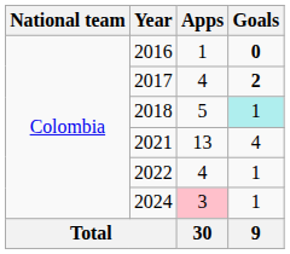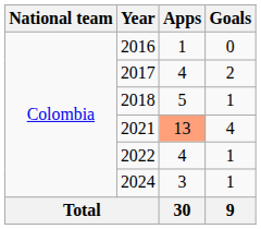 <table class="wikitable" style="text-align:center">
 <tr>
 <th>National team</th>
 <th>Year</th>
 <th>Apps</th>
 <th>Goals</th>
 </tr>
 <tr>
 <td rowspan="6"><a href='#'>Colombia</a></td>
 <td>2016</td>
 <td>1</td>
-<td><strong>0</strong></td>
+<td>0</td>
 </tr>
 <tr>
 <td>2017</td>
 <td>4</td>
-<td><strong>2</strong></td>
+<td>2</td>
 </tr>
 <tr>
 <td>2018</td>
 <td>5</td>
-<td style="background: paleturquoise;">1</td>
+<td>1</td>
 </tr>
 <tr>
 <td>2021</td>
-<td>13</td>
+<td style="background: lightsalmon;">13</td>
 <td>4</td>
 </tr>
 <tr>
 <td>2022</td>
 <td>4</td>
 <td>1</td>
 </tr>
 <tr>
 <td>2024</td>
-<td style="background: pink;">3</td>
+<td>3</td>
 <td>1</td>
 </tr>
 <tr>
 <th colspan="2">Total</th>
 <th>30</th>
 <th>9</th>
 </tr>
 </table>
